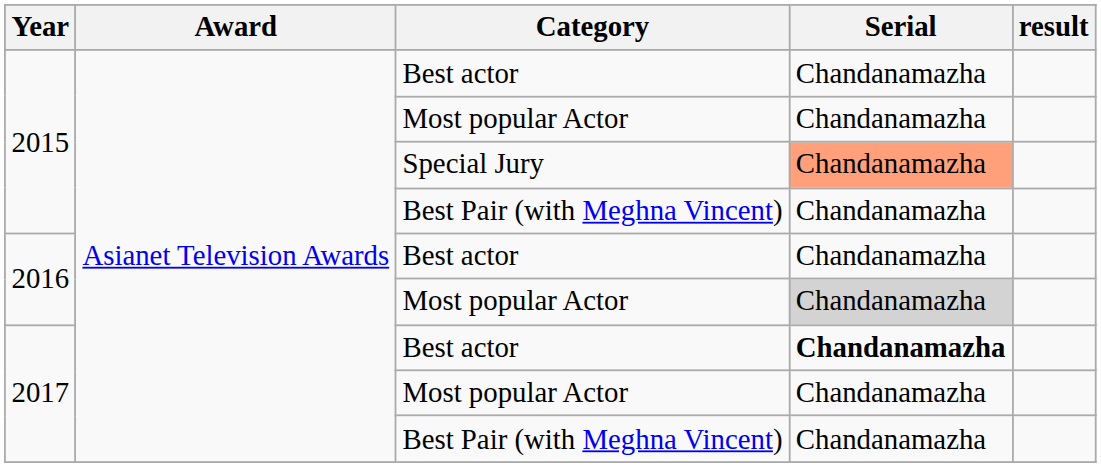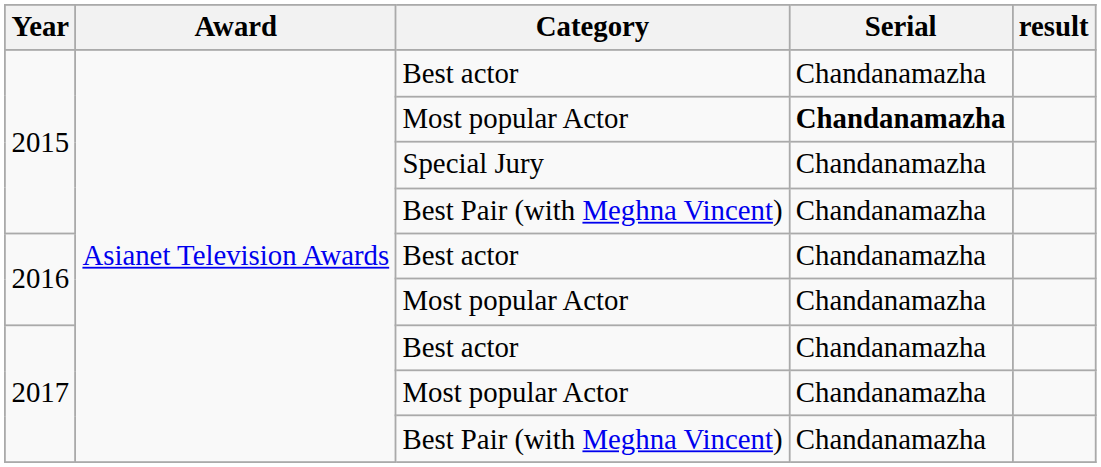 <table class="wikitable sortable">
 <tr>
 <th>Year</th>
 <th>Award</th>
 <th>Category</th>
 <th>Serial</th>
 <th>result</th>
 </tr>
 <tr>
 <td rowspan=4>2015</td>
 <td rowspan=10><a href='#'>Asianet Television Awards </a></td>
 <td>Best actor</td>
 <td>Chandanamazha</td>
 <td></td>
 </tr>
 <tr>
 <td>Most popular Actor</td>
-<td>Chandanamazha</td>
+<td><strong>Chandanamazha</strong></td>
 <td></td>
 </tr>
 <tr>
 <td>Special Jury</td>
-<td style="background: lightsalmon;">Chandanamazha</td>
+<td>Chandanamazha</td>
 <td></td>
 </tr>
 <tr>
 <td>Best Pair (with <a href='#'>Meghna Vincent</a>)</td>
 <td>Chandanamazha</td>
 <td></td>
 </tr>
 <tr>
 <td rowspan=2>2016</td>
 <td>Best actor</td>
 <td>Chandanamazha</td>
 <td></td>
 </tr>
 <tr>
 <td>Most popular Actor</td>
-<td style="background: lightgrey;">Chandanamazha</td>
+<td>Chandanamazha</td>
 <td></td>
 </tr>
 <tr>
 <td rowspan=3>2017</td>
 <td>Best actor</td>
-<td><strong>Chandanamazha</strong></td>
+<td>Chandanamazha</td>
 <td></td>
 </tr>
 <tr>
 <td>Most popular Actor</td>
 <td>Chandanamazha</td>
 <td></td>
 </tr>
 <tr>
 <td>Best Pair (with <a href='#'>Meghna Vincent</a>)</td>
 <td>Chandanamazha</td>
 <td></td>
 </tr>
 </table>
